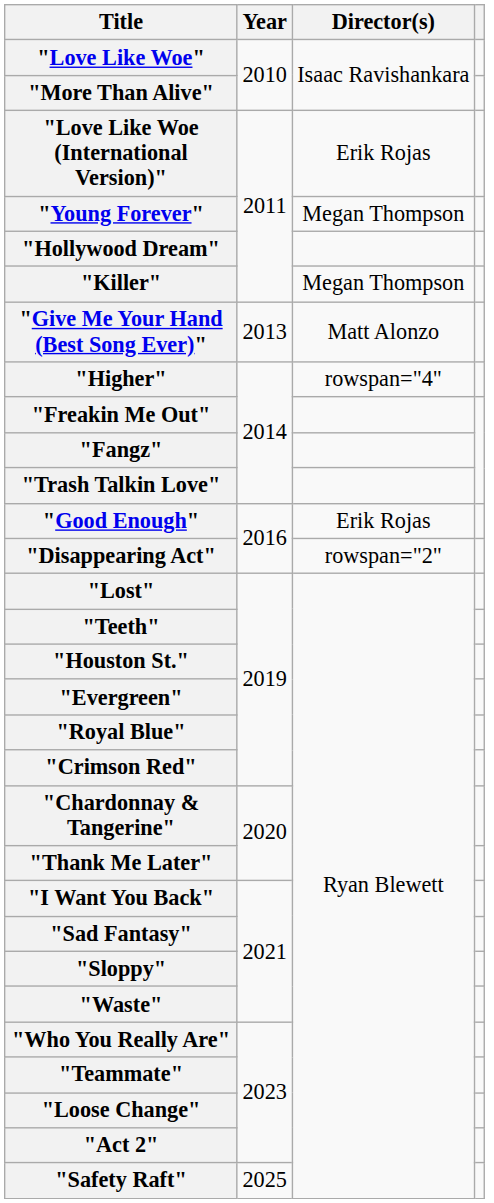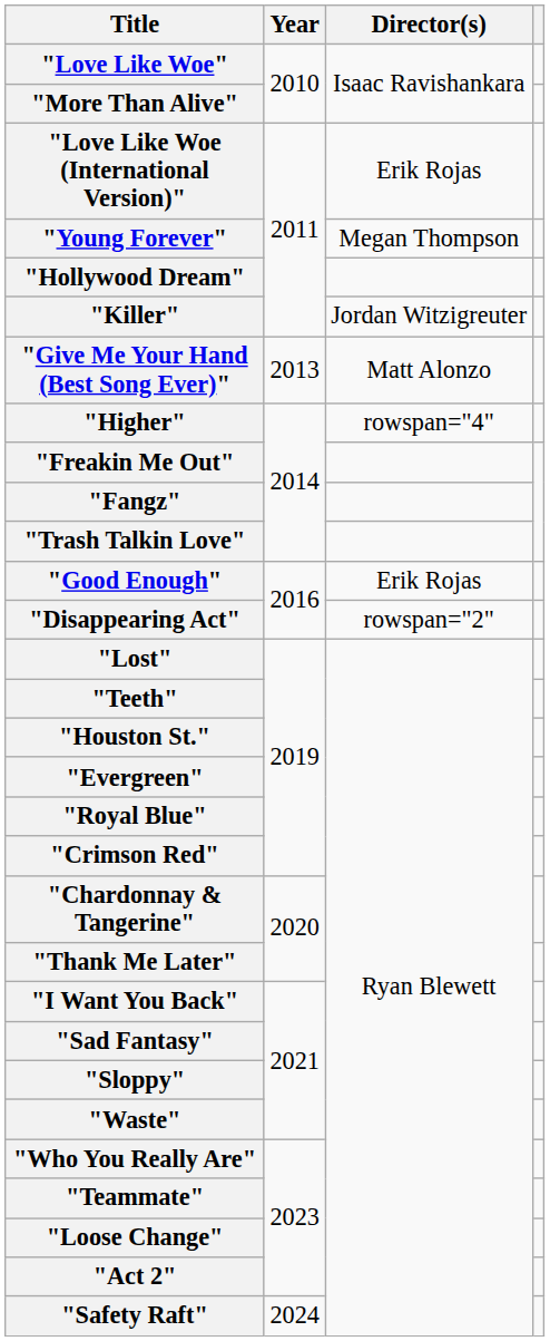 <table class="wikitable plainrowheaders" style="text-align:center;">
 <tr>
 <th scope="col" style="width:10em;">Title</th>
 <th scope="col">Year</th>
 <th scope="col">Director(s)</th>
 <th scope="col"></th>
 </tr>
 <tr>
 <th scope="row">"<a href='#'>Love Like Woe</a>"</th>
 <td rowspan="2">2010</td>
 <td rowspan="2">Isaac Ravishankara</td>
 <td></td>
 </tr>
 <tr>
 <th scope="row">"More Than Alive"</th>
 <td></td>
 </tr>
 <tr>
 <th scope="row">"Love Like Woe (International Version)"</th>
 <td rowspan="4">2011</td>
 <td>Erik Rojas</td>
 <td></td>
 </tr>
 <tr>
 <th scope="row">"<a href='#'>Young Forever</a>"</th>
 <td>Megan Thompson</td>
 <td></td>
 </tr>
 <tr>
 <th scope="row">"Hollywood Dream"</th>
 <td></td>
 </tr>
 <tr>
 <th scope="row">"Killer"</th>
-<td>Megan Thompson</td>
+<td>Jordan Witzigreuter</td>
 <td></td>
 </tr>
 <tr>
 <th scope="row">"<a href='#'>Give Me Your Hand (Best Song Ever)</a>"</th>
 <td>2013</td>
 <td>Matt Alonzo</td>
 <td></td>
 </tr>
 <tr>
 <th scope="row">"Higher"</th>
 <td rowspan="4">2014</td>
 <td>rowspan="4" </td>
 <td rowspan="1"></td>
 </tr>
 <tr>
 <th scope="row">"Freakin Me Out"</th>
 <td></td>
 </tr>
 <tr>
 <th scope="row">"Fangz"</th>
 <td></td>
 </tr>
 <tr>
 <th scope="row">"Trash Talkin Love"</th>
 <td></td>
 </tr>
 <tr>
 <th scope="row">"<a href='#'>Good Enough</a>"</th>
 <td rowspan="2">2016</td>
 <td>Erik Rojas</td>
 <td></td>
 </tr>
 <tr>
 <th scope="row">"Disappearing Act"</th>
 <td>rowspan="2" </td>
 <td></td>
 </tr>
 <tr>
 <th scope="row">"Lost"</th>
 <td rowspan="6">2019</td>
 <td rowspan="17">Ryan Blewett</td>
 <td></td>
 </tr>
 <tr>
 <th scope="row">"Teeth"</th>
 <td></td>
 </tr>
 <tr>
 <th scope="row">"Houston St."</th>
 <td></td>
 </tr>
 <tr>
 <th scope="row">"Evergreen"</th>
 <td></td>
 </tr>
 <tr>
 <th scope="row">"Royal Blue"</th>
 <td></td>
 </tr>
 <tr>
 <th scope="row">"Crimson Red"</th>
 <td></td>
 </tr>
 <tr>
 <th scope="row">"Chardonnay & Tangerine"</th>
 <td rowspan="2">2020</td>
 <td></td>
 </tr>
 <tr>
 <th scope="row">"Thank Me Later"</th>
 <td></td>
 </tr>
 <tr>
 <th scope="row">"I Want You Back"</th>
 <td rowspan="4">2021</td>
 <td></td>
 </tr>
 <tr>
 <th scope="row">"Sad Fantasy"</th>
 <td></td>
 </tr>
 <tr>
 <th scope="row">"Sloppy"</th>
 <td></td>
 </tr>
 <tr>
 <th scope="row">"Waste"</th>
 <td></td>
 </tr>
 <tr>
 <th scope="row">"Who You Really Are"</th>
 <td rowspan="4">2023</td>
 <td></td>
 </tr>
 <tr>
 <th scope="row">"Teammate"</th>
 <td></td>
 </tr>
 <tr>
 <th scope="row">"Loose Change"</th>
 <td></td>
 </tr>
 <tr>
 <th scope="row">"Act 2"</th>
 <td></td>
 </tr>
 <tr>
 <th scope="row">"Safety Raft"</th>
-<td>2025</td>
+<td>2024</td>
 <td></td>
 </tr>
 </table>
